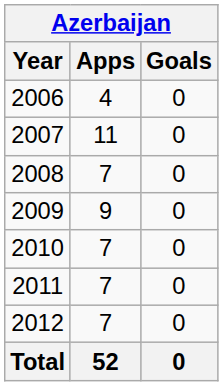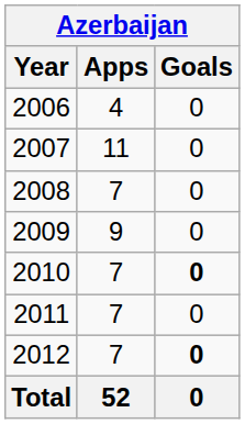 <table class="wikitable" style="text-align:center">
 <tr>
 <th colspan=3><a href='#'>Azerbaijan</a></th>
 </tr>
 <tr>
 <th>Year</th>
 <th>Apps</th>
 <th>Goals</th>
 </tr>
 <tr>
 <td>2006</td>
 <td>4</td>
 <td>0</td>
 </tr>
 <tr>
 <td>2007</td>
 <td>11</td>
 <td>0</td>
 </tr>
 <tr>
 <td>2008</td>
 <td>7</td>
 <td>0</td>
 </tr>
 <tr>
 <td>2009</td>
 <td>9</td>
 <td>0</td>
 </tr>
 <tr>
 <td>2010</td>
 <td>7</td>
-<td>0</td>
+<td><strong>0</strong></td>
 </tr>
 <tr>
 <td>2011</td>
 <td>7</td>
 <td>0</td>
 </tr>
 <tr>
 <td>2012</td>
 <td>7</td>
-<td>0</td>
+<td><strong>0</strong></td>
 </tr>
 <tr>
 <th>Total</th>
 <th>52</th>
 <th>0</th>
 </tr>
 </table>
